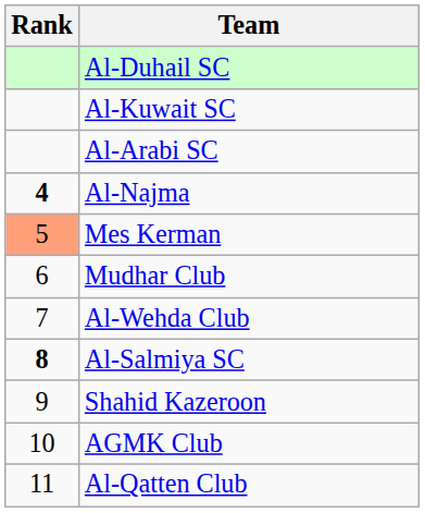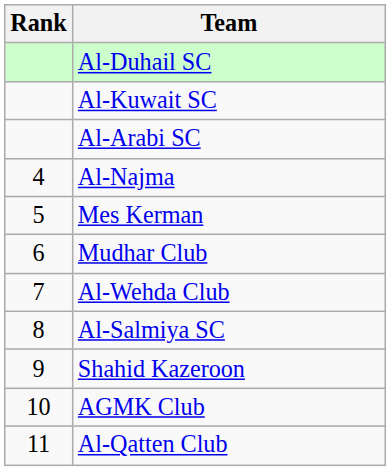 <table class=wikitable style="text-align:center;">
 <tr>
 <th>Rank</th>
 <th width=200>Team</th>
 </tr>
 <tr bgcolor=ccffcc>
 <td></td>
 <td align=left> <a href='#'>Al-Duhail SC</a></td>
 </tr>
 <tr>
 <td></td>
 <td align=left> <a href='#'>Al-Kuwait SC</a></td>
 </tr>
 <tr>
 <td></td>
 <td align=left> <a href='#'>Al-Arabi SC</a></td>
 </tr>
 <tr>
-<td><strong>4</strong></td>
+<td>4</td>
 <td align=left> <a href='#'>Al-Najma</a></td>
 </tr>
 <tr>
-<td style="background: lightsalmon;">5</td>
+<td>5</td>
 <td align=left> <a href='#'>Mes Kerman</a></td>
 </tr>
 <tr>
 <td>6</td>
 <td align=left> <a href='#'>Mudhar Club</a></td>
 </tr>
 <tr>
 <td>7</td>
 <td align=left> <a href='#'>Al-Wehda Club</a></td>
 </tr>
 <tr>
-<td><strong>8</strong></td>
+<td>8</td>
 <td align=left> <a href='#'>Al-Salmiya SC</a></td>
 </tr>
 <tr>
 <td>9</td>
 <td align=left> <a href='#'>Shahid Kazeroon</a></td>
 </tr>
 <tr>
 <td>10</td>
 <td align=left> <a href='#'>AGMK Club</a></td>
 </tr>
 <tr>
 <td>11</td>
 <td align=left> <a href='#'>Al-Qatten Club</a></td>
 </tr>
 </table>
